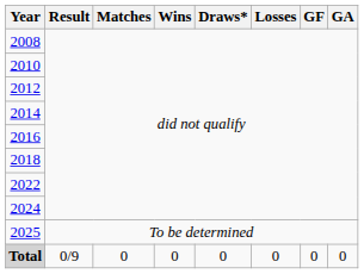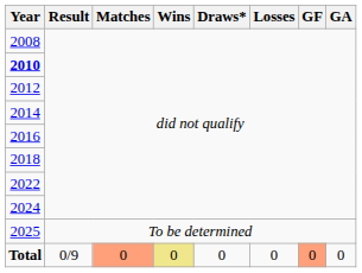 <table class="wikitable" style="text-align: center;">
 <tr>
 <th>Year</th>
 <th>Result</th>
 <th>Matches</th>
 <th>Wins</th>
 <th>Draws*</th>
 <th>Losses</th>
 <th>GF</th>
 <th>GA</th>
 </tr>
 <tr>
 <td> <a href='#'>2008</a></td>
 <td colspan=7 rowspan=8><em>did not qualify</em></td>
 </tr>
 <tr>
-<td> <a href='#'>2010</a></td>
+<td><strong> <a href='#'>2010</a></strong></td>
 </tr>
 <tr>
 <td> <a href='#'>2012</a></td>
 </tr>
 <tr>
 <td> <a href='#'>2014</a></td>
 </tr>
 <tr>
 <td> <a href='#'>2016</a></td>
 </tr>
 <tr>
 <td> <a href='#'>2018</a></td>
 </tr>
 <tr>
 <td> <a href='#'>2022</a></td>
 </tr>
 <tr>
 <td> <a href='#'>2024</a></td>
 </tr>
 <tr>
 <td> <a href='#'>2025</a></td>
 <td colspan=7><em>To be determined</em></td>
 </tr>
 <tr>
-<td style="background: lightgrey;"><strong>Total</strong></td>
+<td><strong>Total</strong></td>
 <td>0/9</td>
+<td style="background: lightsalmon;">0</td>
+<td style="background: khaki;">0</td>
 <td>0</td>
 <td>0</td>
-<td>0</td>
-<td>0</td>
-<td>0</td>
+<td style="background: lightsalmon;">0</td>
 <td>0</td>
 </tr>
 </table>
